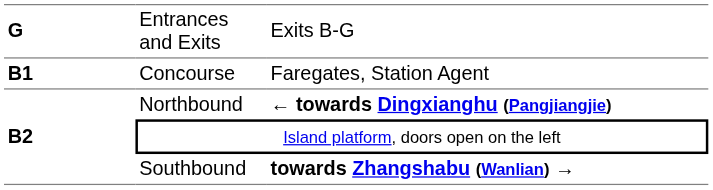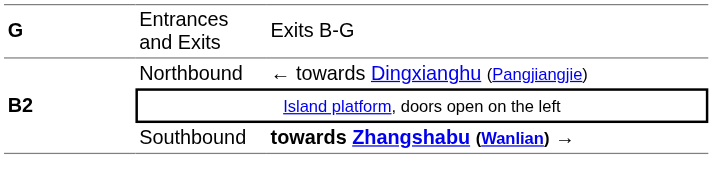 <table cellspacing=0 cellpadding=3>
 <tr>
 <td style="border-top:solid 1px gray;border-bottom:solid 1px gray;" width=100><strong>G</strong></td>
 <td style="border-top:solid 1px gray;border-bottom:solid 1px gray;" width=100>Entrances and Exits</td>
 <td style="border-top:solid 1px gray;border-bottom:solid 1px gray;" width=350>Exits B-G</td>
 </tr>
 <tr>
-<td style="border-bottom:solid 1px gray;"><strong>B1</strong></td>
-<td style="border-bottom:solid 1px gray;">Concourse</td>
-<td style="border-bottom:solid 1px gray;">Faregates, Station Agent</td>
-</tr>
-<tr>
 <td style="border-bottom:solid 1px gray;" rowspan=3><strong>B2</strong></td>
 <td>Northbound</td>
-<td><strong>←  towards <a href='#'>Dingxianghu</a> <small>(<a href='#'>Pangjiangjie</a>)</small></strong></td>
+<td>←  towards <a href='#'>Dingxianghu</a> <small>(<a href='#'>Pangjiangjie</a>)</small></td>
 </tr>
 <tr>
 <td style="border-right:solid 2px black;border-left:solid 2px black;border-top:solid 2px black;border-bottom:solid 2px black;text-align:center;" colspan=2><small><a href='#'>Island platform</a>, doors open on the left</small></td>
 </tr>
 <tr>
 <td style="border-bottom:solid 1px gray;">Southbound</td>
 <td style="border-bottom:solid 1px gray;"><strong>  towards <a href='#'>Zhangshabu</a> <small>(<a href='#'>Wanlian</a>)</small> →</strong></td>
 </tr>
 </table>
